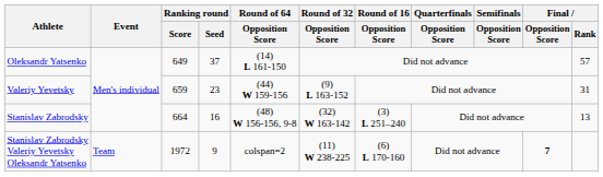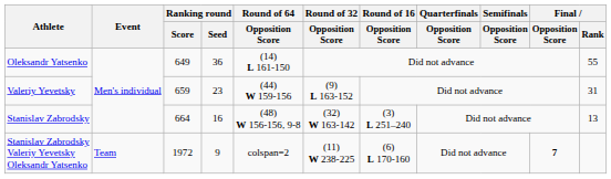 <table class="wikitable" style="font-size:90%">
 <tr>
 <th rowspan="2">Athlete</th>
 <th rowspan="2">Event</th>
 <th colspan="2">Ranking round</th>
 <th>Round of 64</th>
 <th>Round of 32</th>
 <th>Round of 16</th>
 <th>Quarterfinals</th>
 <th>Semifinals</th>
 <th colspan="2">Final / </th>
 </tr>
 <tr style="font-size:95%">
 <th>Score</th>
 <th>Seed</th>
 <th>Opposition<br>Score</th>
 <th>Opposition<br>Score</th>
 <th>Opposition<br>Score</th>
 <th>Opposition<br>Score</th>
 <th>Opposition<br>Score</th>
 <th>Opposition<br>Score</th>
 <th>Rank</th>
 </tr>
 <tr align=center>
 <td align=left><a href='#'>Oleksandr Yatsenko</a></td>
 <td align=left rowspan=3><a href='#'>Men's individual</a></td>
 <td>649</td>
-<td>37</td>
+<td>36</td>
 <td> (14) <br><strong>L</strong> 161-150</td>
 <td colspan=5>Did not advance</td>
-<td>57</td>
+<td>55</td>
 </tr>
 <tr align=center>
 <td align=left><a href='#'>Valeriy Yevetsky</a></td>
 <td>659</td>
 <td>23</td>
 <td> (44) <br><strong>W</strong> 159-156</td>
 <td> (9) <br><strong>L</strong> 163-152</td>
 <td colspan=4>Did not advance</td>
 <td>31</td>
 </tr>
 <tr align=center>
 <td align=left><a href='#'>Stanislav Zabrodsky</a></td>
 <td>664</td>
 <td>16</td>
 <td> (48) <br><strong>W</strong> 156-156, 9-8</td>
 <td> (32) <br><strong>W</strong> 163-142</td>
 <td> (3)<br><strong>L</strong> 251–240</td>
 <td colspan=3>Did not advance</td>
 <td>13</td>
 </tr>
 <tr align=center>
 <td align=left><a href='#'>Stanislav Zabrodsky</a><br><a href='#'>Valeriy Yevetsky</a><br><a href='#'>Oleksandr Yatsenko</a></td>
 <td align=left><a href='#'>Team</a></td>
 <td>1972</td>
 <td>9</td>
 <td>colspan=2 </td>
 <td> (11)<br><strong>W</strong> 238-225</td>
 <td> (6) <br><strong>L</strong> 170-160</td>
 <td colspan=2>Did not advance</td>
 <td><strong>7</strong></td>
 </tr>
 </table>
